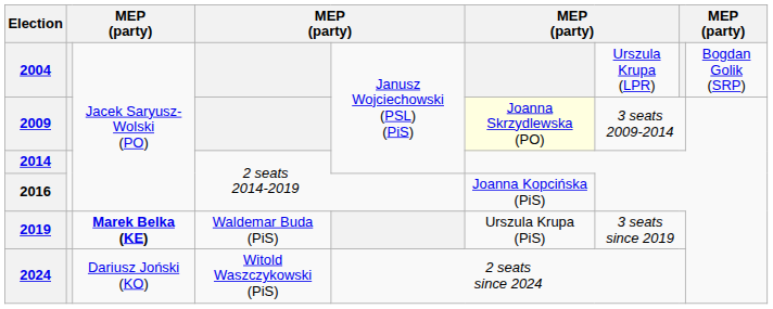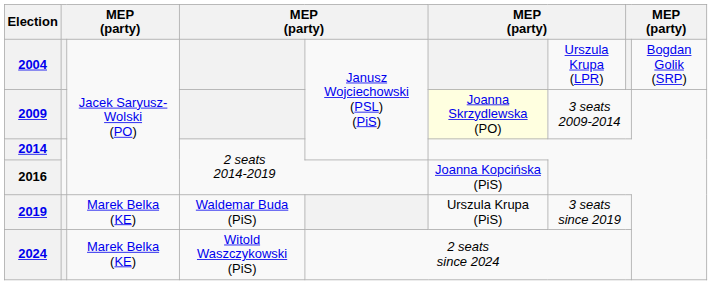 <table class= "wikitable" style= "text-align:center">
 <tr>
 <th>Election</th>
 <th colspan=2>MEP<br>(party)</th>
 <th colspan=2>MEP<br>(party)</th>
 <th colspan=2>MEP<br>(party)</th>
 <th colspan=2>MEP<br>(party)</th>
 </tr>
 <tr>
 <th><a href='#'>2004</a></th>
 <th style="background-color: "></th>
 <td rowspan=4><a href='#'>Jacek Saryusz-Wolski</a><br>(<a href='#'>PO</a>)</td>
 <th style="background-color: "></th>
 <td rowspan=3><a href='#'>Janusz Wojciechowski</a><br>(<a href='#'>PSL</a>)<br>(<a href='#'>PiS</a>)</td>
 <th style="background-color: "></th>
 <td rowspan=1><a href='#'>Urszula Krupa</a><br>(<a href='#'>LPR</a>)</td>
 <th style="background-color: "></th>
 <td rowspan=1><a href='#'>Bogdan Golik</a><br>(<a href='#'>SRP</a>)</td>
 </tr>
 <tr>
 <th><a href='#'>2009</a></th>
 <th style="background-color: "></th>
 <th style="background-color: "></th>
 <td rowspan=1 style="background: lightyellow;"><a href='#'>Joanna Skrzydlewska</a><br>(PO)</td>
 <td colspan=2 rowspan=1><em>3 seats<br>2009-2014</em></td>
 </tr>
 <tr>
 <th><a href='#'>2014</a></th>
 <td colspan=4 rowspan=2><em>2 seats<br>2014-2019</em></td>
 </tr>
 <tr>
 <th>2016</th>
 <td rowspan=1><a href='#'>Joanna Kopcińska</a><br>(PiS)</td>
 </tr>
 <tr>
 <th><a href='#'>2019</a></th>
 <th style="background-color: "></th>
-<td rowspan=1><strong><a href='#'>Marek Belka</a><br>(<a href='#'>KE</a>)</strong></td>
+<td rowspan=1><a href='#'>Marek Belka</a><br>(<a href='#'>KE</a>)</td>
 <td rowspan=1><a href='#'>Waldemar Buda</a><br>(PiS)</td>
 <th style="background-color: "></th>
 <td rowspan=1>Urszula Krupa<br>(PiS)</td>
 <td colspan=2 rowspan=1><em>3 seats<br>since 2019</em></td>
 </tr>
 <tr>
 <th><a href='#'>2024</a></th>
 <th style="background-color: "></th>
-<td rowspan=1><a href='#'>Dariusz Joński</a><br>(<a href='#'>KO</a>)</td>
+<td rowspan=1><a href='#'>Marek Belka</a><br>(<a href='#'>KE</a>)</td>
 <td rowspan=1><a href='#'>Witold Waszczykowski</a><br>(PiS)</td>
 <td colspan=4 rowspan=1><em>2 seats<br>since 2024</em></td>
 </tr>
 </table>
